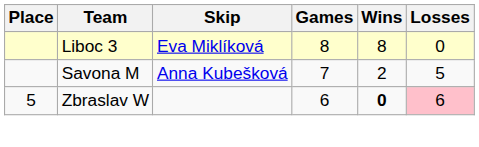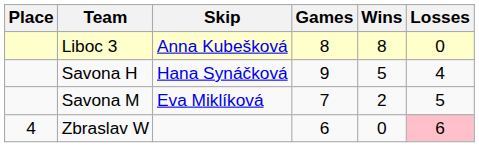 <table class="wikitable" style="text-align:center;">
 <tr>
 <th>Place</th>
 <th>Team</th>
 <th>Skip</th>
 <th>Games</th>
 <th>Wins</th>
 <th>Losses</th>
 </tr>
 <tr bgcolor=#ffc>
 <td></td>
 <td align=left>Liboc 3</td>
-<td align=left><a href='#'>Eva Miklíková</a></td>
+<td align=left><a href='#'>Anna Kubešková</a></td>
 <td>8</td>
 <td>8</td>
 <td>0</td>
 </tr>
 <tr>
 <td></td>
+<td align=left>Savona H</td>
+<td align=left><a href='#'>Hana Synáčková</a></td>
+<td>9</td>
+<td>5</td>
+<td>4</td>
+</tr>
+<tr>
+<td></td>
 <td align=left>Savona M</td>
-<td align=left><a href='#'>Anna Kubešková</a></td>
+<td align=left><a href='#'>Eva Miklíková</a></td>
 <td>7</td>
 <td>2</td>
 <td>5</td>
 </tr>
 <tr>
-<td>5</td>
+<td>4</td>
 <td align=left>Zbraslav W</td>
 <td align=left></td>
 <td>6</td>
-<td><strong>0</strong></td>
+<td>0</td>
 <td style="background: pink;">6</td>
 </tr>
 </table>
